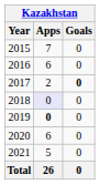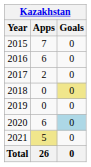 <table class="wikitable" style="text-align:center">
 <tr>
 <th colspan=5><a href='#'>Kazakhstan</a></th>
 </tr>
 <tr>
 <th>Year</th>
 <th>Apps</th>
 <th>Goals</th>
 </tr>
 <tr>
 <td>2015</td>
 <td>7</td>
 <td>0</td>
 </tr>
 <tr>
 <td>2016</td>
 <td>6</td>
 <td>0</td>
 </tr>
 <tr>
 <td>2017</td>
 <td>2</td>
-<td><strong>0</strong></td>
+<td>0</td>
 </tr>
 <tr>
 <td>2018</td>
-<td style="background: lavender;">0</td>
 <td>0</td>
+<td style="background: khaki;">0</td>
 </tr>
 <tr>
 <td>2019</td>
-<td><strong>0</strong></td>
+<td>0</td>
 <td>0</td>
 </tr>
 <tr>
 <td>2020</td>
 <td>6</td>
-<td>0</td>
+<td style="background: lightblue;">0</td>
 </tr>
 <tr>
 <td>2021</td>
-<td>5</td>
+<td style="background: khaki;">5</td>
 <td>0</td>
 </tr>
 <tr>
 <th>Total</th>
 <th>26</th>
 <th>0</th>
 </tr>
 </table>
